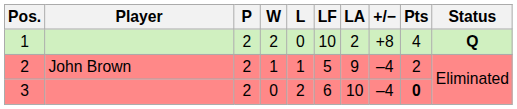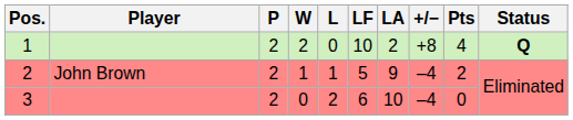 <table class="wikitable" style="text-align:center; margin: 1em auto 1em auto, align:left">
 <tr>
 <th width=20>Pos.</th>
 <th width=185>Player</th>
 <th width=20>P</th>
 <th width=20>W</th>
 <th width=20>L</th>
 <th width=20>LF</th>
 <th width=20>LA</th>
 <th width=25>+/−</th>
 <th width=20>Pts</th>
 <th width=70>Status</th>
 </tr>
 <tr style="background:#D0F0C0;">
 <td>1</td>
 <td align=left></td>
 <td>2</td>
 <td>2</td>
 <td>0</td>
 <td>10</td>
 <td>2</td>
 <td>+8</td>
 <td>4</td>
 <td><strong>Q</strong></td>
 </tr>
 <tr style="background:#FF8888;">
 <td>2</td>
 <td align=left> John Brown</td>
 <td>2</td>
 <td>1</td>
 <td>1</td>
 <td>5</td>
 <td>9</td>
 <td>–4</td>
 <td>2</td>
 <td rowspan=2>Eliminated</td>
 </tr>
 <tr style="background:#FF8888;">
 <td>3</td>
 <td align=left></td>
 <td>2</td>
 <td>0</td>
 <td>2</td>
 <td>6</td>
 <td>10</td>
 <td>–4</td>
-<td><strong>0</strong></td>
+<td>0</td>
 </tr>
 </table>
